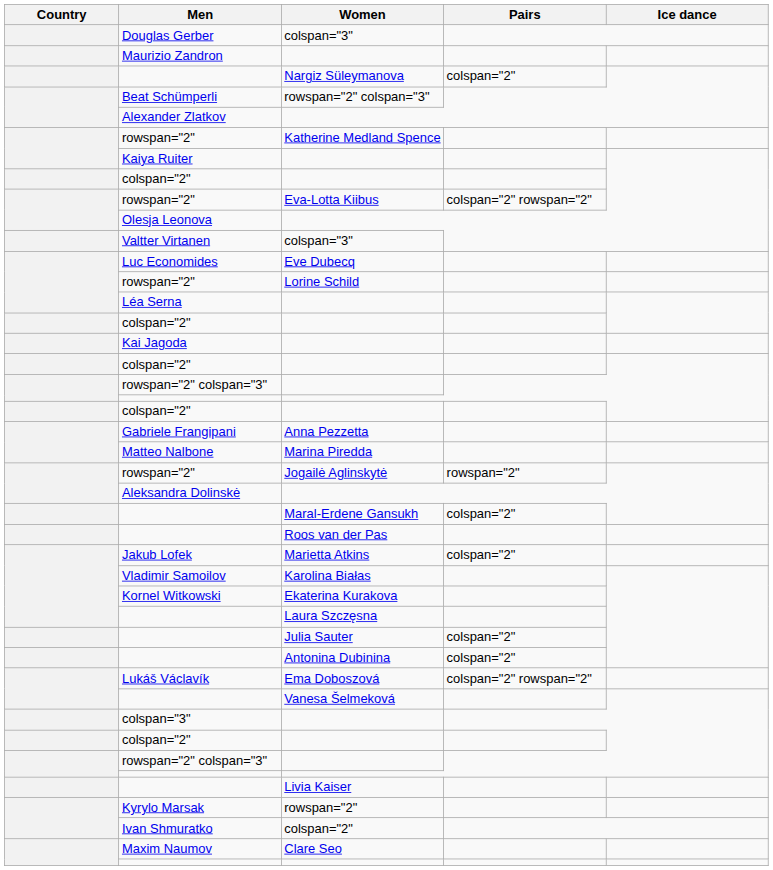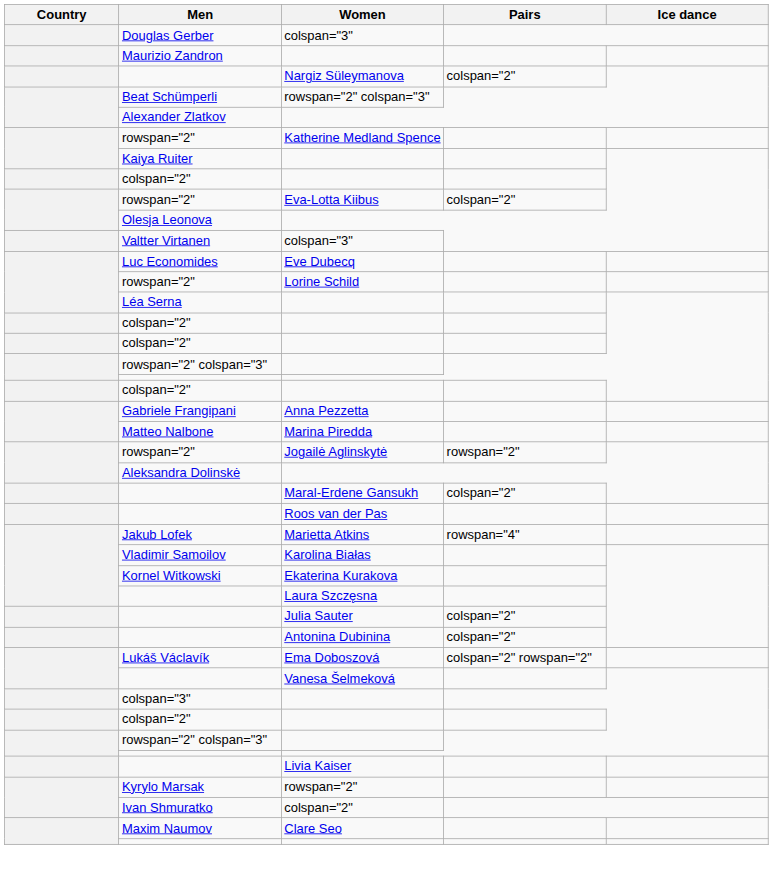 <table class="wikitable unsortable" style="text-align:left">
 <tr>
 <th scope="col" style="width:15%">Country</th>
 <th scope="col" style="width:21.25%">Men</th>
 <th scope="col" style="width:21.25%">Women</th>
 <th scope="col" style="width:21.25%">Pairs</th>
 <th scope="col" style="width:21.25%">Ice dance</th>
 </tr>
 <tr>
 <th scope="row" style="text-align:left"></th>
 <td><a href='#'>Douglas Gerber</a></td>
 <td>colspan="3" </td>
 </tr>
 <tr>
 <th scope="row" style="text-align:left"></th>
 <td><a href='#'>Maurizio Zandron</a></td>
 <td></td>
 <td></td>
 <td></td>
 </tr>
 <tr>
 <th scope="row" style="text-align:left"></th>
 <td></td>
 <td><a href='#'>Nargiz Süleymanova</a></td>
 <td>colspan="2" </td>
 </tr>
 <tr>
 <th scope="row" style="text-align:left" rowspan="2"></th>
 <td><a href='#'>Beat Schümperli</a></td>
 <td>rowspan="2" colspan="3" </td>
 </tr>
 <tr>
 <td><a href='#'>Alexander Zlatkov</a></td>
 </tr>
 <tr>
 <th rowspan="2" scope="row" style="text-align:left"></th>
 <td>rowspan="2" </td>
 <td><a href='#'>Katherine Medland Spence</a></td>
 <td></td>
 <td></td>
 </tr>
 <tr>
 <td><a href='#'>Kaiya Ruiter</a></td>
 <td></td>
 <td></td>
 </tr>
 <tr>
 <th scope="row" style="text-align:left"></th>
 <td>colspan="2" </td>
 <td></td>
 <td></td>
 </tr>
 <tr>
 <th rowspan="2" scope="row" style="text-align:left"></th>
 <td>rowspan="2" </td>
 <td><a href='#'>Eva-Lotta Kiibus</a></td>
-<td>colspan="2" rowspan="2" </td>
+<td>colspan="2" </td>
 </tr>
 <tr>
 <td><a href='#'>Olesja Leonova</a></td>
 </tr>
 <tr>
 <th scope="row" style="text-align:left"></th>
 <td><a href='#'>Valtter Virtanen</a></td>
 <td>colspan="3" </td>
 </tr>
 <tr>
 <th rowspan="3" scope="row" style="text-align:left"></th>
 <td><a href='#'>Luc Economides</a></td>
 <td><a href='#'>Eve Dubecq</a></td>
 <td></td>
 <td></td>
 </tr>
 <tr>
 <td>rowspan="2" </td>
 <td><a href='#'>Lorine Schild</a></td>
 <td></td>
 <td></td>
 </tr>
 <tr>
 <td><a href='#'>Léa Serna</a></td>
 <td></td>
 <td></td>
 </tr>
 <tr>
 <th scope="row" style="text-align:left"></th>
 <td>colspan="2" </td>
-<td></td>
-<td></td>
-</tr>
-<tr>
-<th scope="row" style="text-align:left"></th>
-<td><a href='#'>Kai Jagoda</a></td>
-<td></td>
 <td></td>
 <td></td>
 </tr>
 <tr>
 <th scope="row" style="text-align:left"></th>
 <td>colspan="2" </td>
 <td></td>
 <td></td>
 </tr>
 <tr>
 <th rowspan="2" scope="row" style="text-align:left"></th>
 <td>rowspan="2" colspan="3" </td>
 <td></td>
 </tr>
 <tr>
 <td></td>
 </tr>
 <tr>
 <th scope="row" style="text-align:left"></th>
 <td>colspan="2" </td>
 <td></td>
 <td></td>
 </tr>
 <tr>
 <th rowspan="2" scope="row" style="text-align:left"></th>
 <td><a href='#'>Gabriele Frangipani</a></td>
 <td><a href='#'>Anna Pezzetta</a></td>
 <td></td>
 <td></td>
 </tr>
 <tr>
 <td><a href='#'>Matteo Nalbone</a></td>
 <td><a href='#'>Marina Piredda</a></td>
 <td></td>
 <td></td>
 </tr>
 <tr>
 <th rowspan="2" scope="row" style="text-align:left"></th>
 <td>rowspan="2" </td>
 <td><a href='#'>Jogailė Aglinskytė</a></td>
 <td>rowspan="2" </td>
 </tr>
 <tr>
 <td><a href='#'>Aleksandra Dolinskė</a></td>
 </tr>
 <tr>
 <th scope="row" style="text-align:left"></th>
 <td></td>
 <td><a href='#'>Maral-Erdene Gansukh</a></td>
 <td>colspan="2" </td>
 </tr>
 <tr>
 <th scope="row" style="text-align:left"></th>
 <td></td>
 <td><a href='#'>Roos van der Pas</a></td>
 <td></td>
 <td></td>
 </tr>
 <tr>
 <th rowspan="4" scope="row" style="text-align:left"></th>
 <td><a href='#'>Jakub Lofek</a></td>
 <td><a href='#'>Marietta Atkins</a></td>
-<td>colspan="2" </td>
+<td>rowspan="4" </td>
 <td></td>
 </tr>
 <tr>
 <td><a href='#'>Vladimir Samoilov</a></td>
 <td><a href='#'>Karolina Białas</a></td>
 <td></td>
 </tr>
 <tr>
 <td><a href='#'>Kornel Witkowski</a></td>
 <td><a href='#'>Ekaterina Kurakova</a></td>
 <td></td>
 </tr>
 <tr>
 <td></td>
 <td><a href='#'>Laura Szczęsna</a></td>
 <td></td>
 </tr>
 <tr>
 <th scope="row" style="text-align:left"></th>
 <td></td>
 <td><a href='#'>Julia Sauter</a></td>
 <td>colspan="2" </td>
 </tr>
 <tr>
 <th scope="row" style="text-align:left"></th>
 <td></td>
 <td><a href='#'>Antonina Dubinina</a></td>
 <td>colspan="2" </td>
 </tr>
 <tr>
 <th rowspan="2" scope="row" style="text-align:left"></th>
 <td><a href='#'>Lukáš Václavík</a></td>
 <td><a href='#'>Ema Doboszová</a></td>
 <td>colspan="2" rowspan="2" </td>
 <td></td>
 </tr>
 <tr>
 <td></td>
 <td><a href='#'>Vanesa Šelmeková</a></td>
 <td></td>
 </tr>
 <tr>
 <th scope="row" style="text-align:left"></th>
 <td>colspan="3" </td>
 <td></td>
 </tr>
 <tr>
 <th scope="row" style="text-align:left"></th>
 <td>colspan="2" </td>
 <td></td>
 <td></td>
 </tr>
 <tr>
 <th rowspan="2" scope="row" style="text-align:left"></th>
 <td>rowspan="2" colspan="3" </td>
 <td></td>
 </tr>
 <tr>
 <td></td>
 </tr>
 <tr>
 <th scope="row" style="text-align:left"></th>
 <td></td>
 <td><a href='#'>Livia Kaiser</a></td>
 <td></td>
 <td></td>
 </tr>
 <tr>
 <th rowspan="2" scope="row" style="text-align:left"></th>
 <td><a href='#'>Kyrylo Marsak</a></td>
 <td>rowspan="2" </td>
 <td></td>
 <td></td>
 </tr>
 <tr>
 <td><a href='#'>Ivan Shmuratko</a></td>
 <td>colspan="2" </td>
 </tr>
 <tr>
 <th rowspan="2" scope="row" style="text-align:left"></th>
 <td><a href='#'>Maxim Naumov</a></td>
 <td><a href='#'>Clare Seo</a></td>
 <td></td>
 <td></td>
 </tr>
 <tr>
 <td></td>
 <td></td>
 <td></td>
 <td></td>
 </tr>
 </table>
